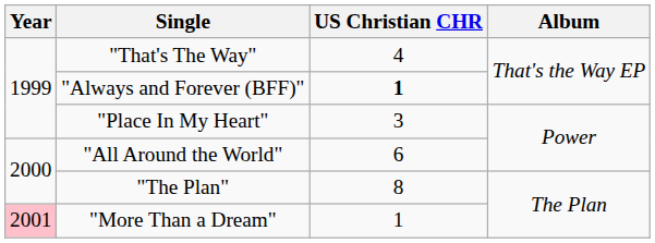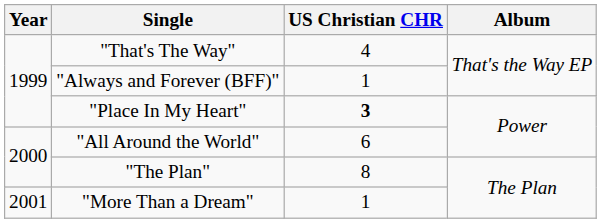 <table class="wikitable" style="text-align:center;">
 <tr>
 <th>Year</th>
 <th>Single</th>
 <th>US Christian <a href='#'>CHR</a></th>
 <th>Album</th>
 </tr>
 <tr>
 <td rowspan="3">1999</td>
 <td>"That's The Way"</td>
 <td>4 </td>
 <td rowspan="2"><em>That's the Way EP</em></td>
 </tr>
 <tr>
 <td>"Always and Forever (BFF)"</td>
-<td><strong>1</strong></td>
+<td>1</td>
 </tr>
 <tr>
 <td>"Place In My Heart"</td>
-<td>3</td>
+<td><strong>3</strong></td>
 <td rowspan="2"><em>Power</em></td>
 </tr>
 <tr>
 <td rowspan="2">2000</td>
 <td>"All Around the World"</td>
 <td>6</td>
 </tr>
 <tr>
 <td>"The Plan"</td>
 <td>8</td>
 <td rowspan="2"><em>The Plan</em></td>
 </tr>
 <tr>
-<td style="background: pink;">2001</td>
+<td>2001</td>
 <td>"More Than a Dream"</td>
 <td>1</td>
 </tr>
 </table>
